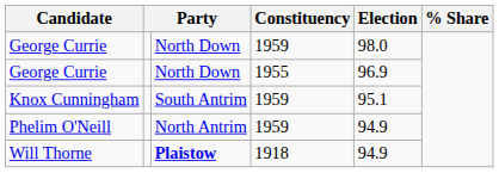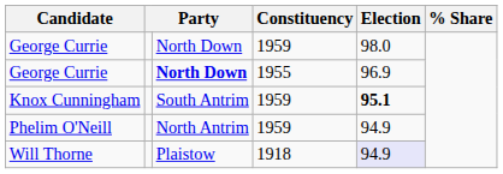 <table class="wikitable sortable">
 <tr>
 <th>Candidate</th>
 <th colspan="2">Party</th>
 <th>Constituency</th>
 <th>Election</th>
 <th>% Share</th>
 </tr>
 <tr>
 <td rowspan="1" scope="row" style="text-align: left;"><a href='#'>George Currie</a></td>
 <td></td>
 <td rowspan="1" scope="row" style="text-align: left;"><a href='#'>North Down</a></td>
 <td>1959</td>
 <td>98.0</td>
 </tr>
 <tr>
 <td rowspan="1" scope="row" style="text-align: left;"><a href='#'>George Currie</a></td>
 <td></td>
-<td rowspan="1" scope="row" style="text-align: left;"><a href='#'>North Down</a></td>
+<td rowspan="1" scope="row" style="text-align: left;"><strong><a href='#'>North Down</a></strong></td>
 <td>1955</td>
 <td>96.9</td>
 </tr>
 <tr>
 <td rowspan="1" scope="row" style="text-align: left;"><a href='#'>Knox Cunningham</a></td>
 <td></td>
 <td rowspan="1" scope="row" style="text-align: left;"><a href='#'>South Antrim</a></td>
 <td>1959</td>
-<td>95.1</td>
+<td><strong>95.1</strong></td>
 </tr>
 <tr>
 <td rowspan="1" scope="row" style="text-align: left;"><a href='#'>Phelim O'Neill</a></td>
 <td></td>
 <td rowspan="1" scope="row" style="text-align: left;"><a href='#'>North Antrim</a></td>
 <td>1959</td>
 <td>94.9</td>
 </tr>
 <tr>
 <td rowspan="1" scope="row" style="text-align: left;"><a href='#'>Will Thorne</a></td>
 <td></td>
-<td rowspan="1" scope="row" style="text-align: left;"><strong><a href='#'>Plaistow</a></strong></td>
+<td rowspan="1" scope="row" style="text-align: left;"><a href='#'>Plaistow</a></td>
 <td rowspan="1" scope="row" style="text-align: left;">1918</td>
-<td>94.9</td>
+<td style="background: lavender;">94.9</td>
 </tr>
 </table>
